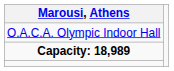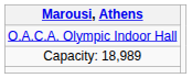 <table class="wikitable" style="text-align:center">
 <tr>
 <th><a href='#'>Marousi</a>, <a href='#'>Athens</a></th>
 <td rowspan=4></td>
 </tr>
 <tr>
 <td><a href='#'>O.A.C.A. Olympic Indoor Hall</a></td>
 </tr>
 <tr>
-<td><strong>Capacity: 18,989</strong></td>
+<td>Capacity: 18,989</td>
 </tr>
 <tr>
 <td></td>
 </tr>
 </table>
